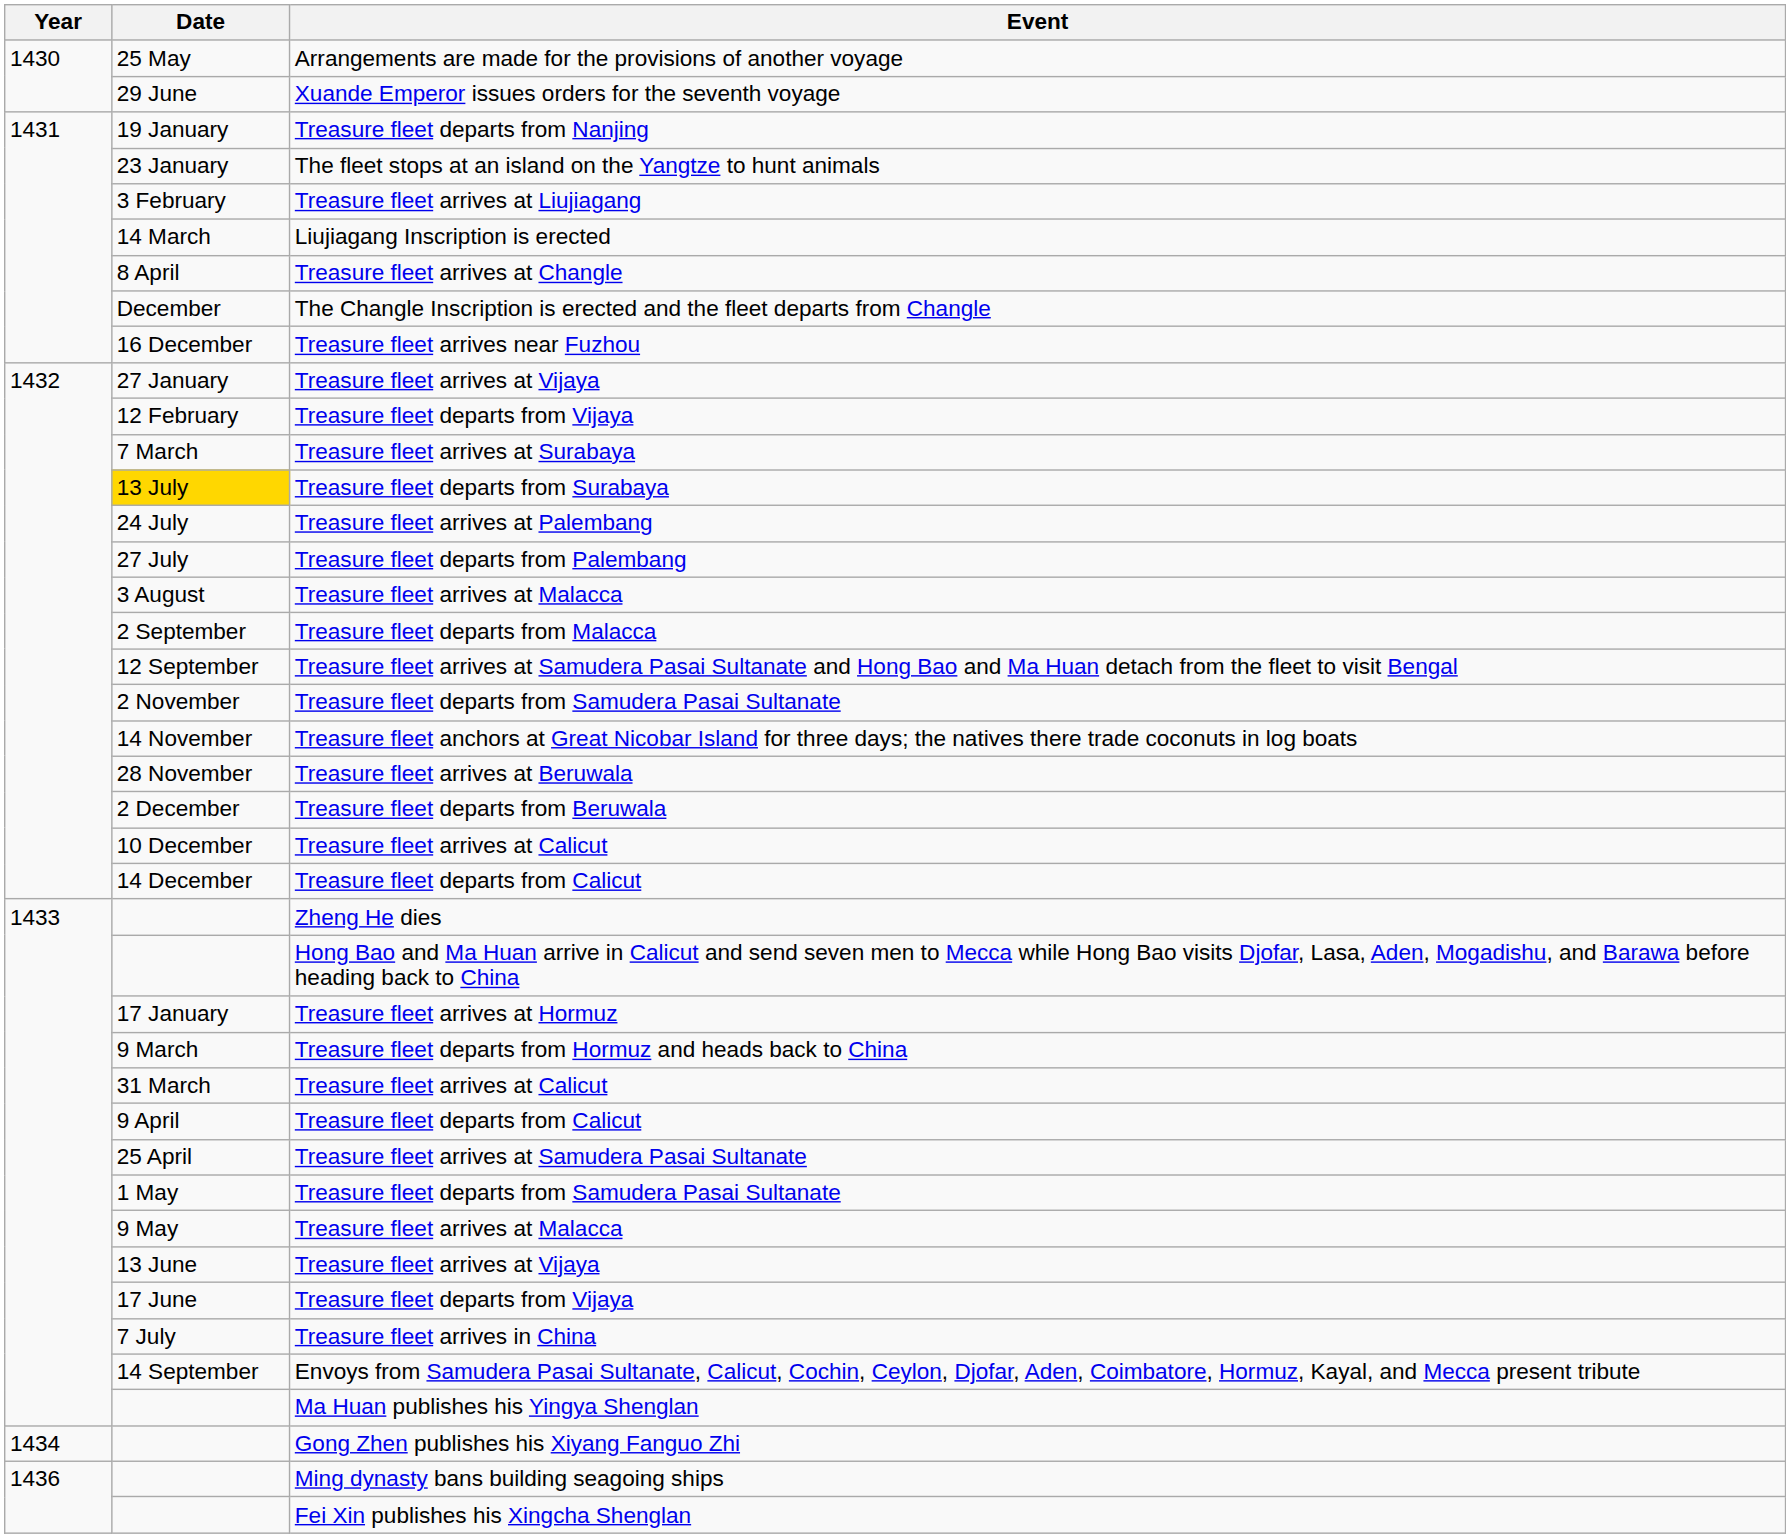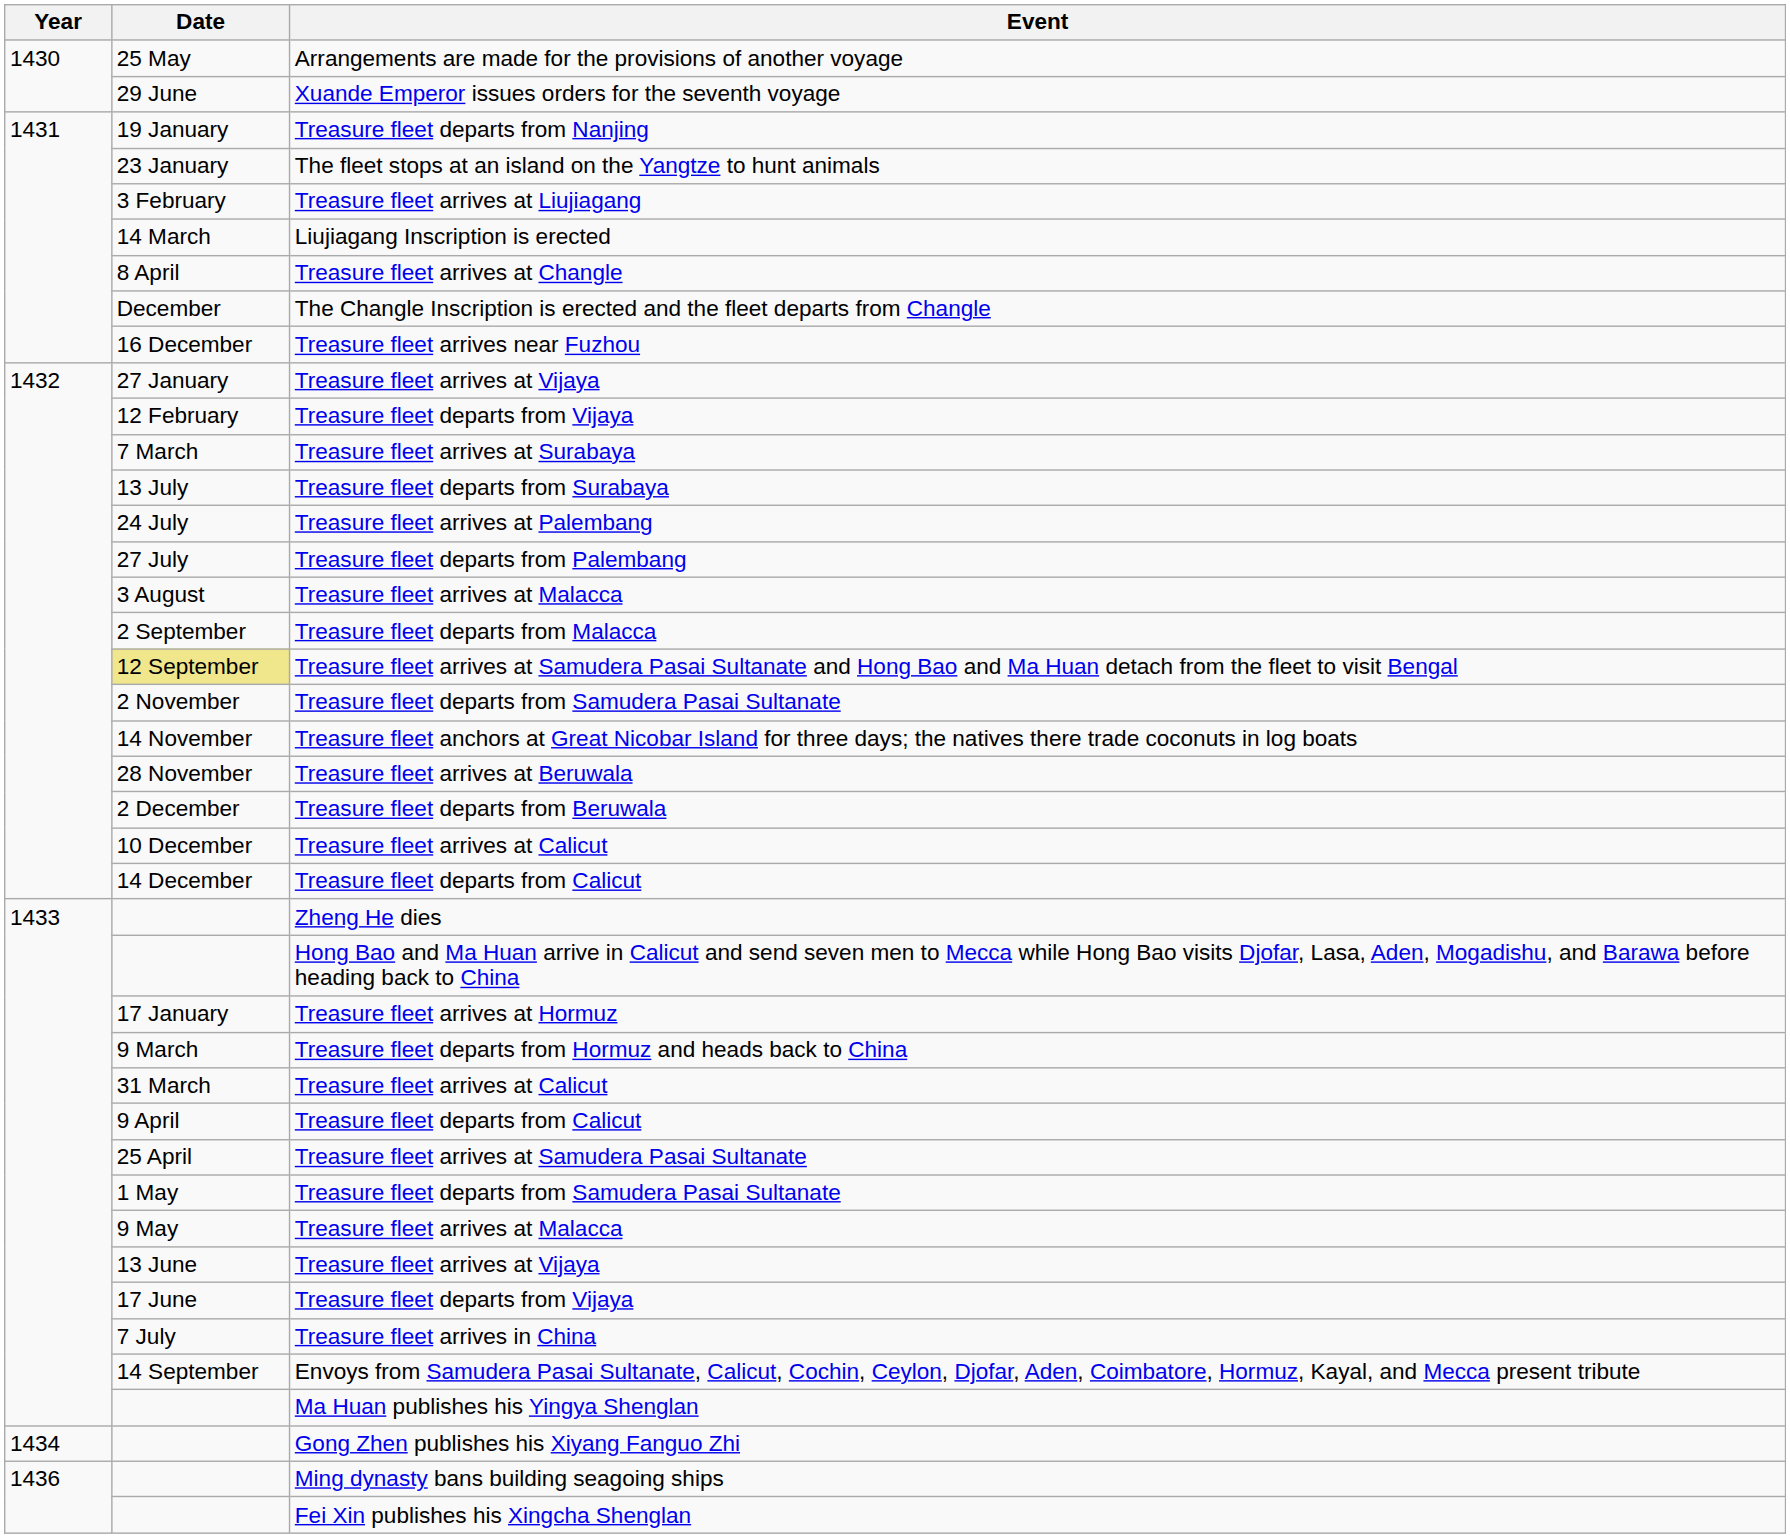 <table class="wikitable" width="100%">
 <tr>
 <th style="width:6%">Year</th>
 <th style="width:10%">Date</th>
 <th>Event</th>
 </tr>
 <tr>
 <td rowspan="2" valign="top">1430</td>
 <td>25 May</td>
 <td>Arrangements are made for the provisions of another voyage</td>
 </tr>
 <tr>
 <td>29 June</td>
 <td><a href='#'>Xuande Emperor</a> issues orders for the seventh voyage</td>
 </tr>
 <tr>
 <td rowspan="7" valign="top">1431</td>
 <td>19 January</td>
 <td><a href='#'>Treasure fleet</a> departs from <a href='#'>Nanjing</a></td>
 </tr>
 <tr>
 <td>23 January</td>
 <td>The fleet stops at an island on the <a href='#'>Yangtze</a> to hunt animals</td>
 </tr>
 <tr>
 <td>3 February</td>
 <td><a href='#'>Treasure fleet</a> arrives at <a href='#'>Liujiagang</a></td>
 </tr>
 <tr>
 <td>14 March</td>
 <td>Liujiagang Inscription is erected</td>
 </tr>
 <tr>
 <td>8 April</td>
 <td><a href='#'>Treasure fleet</a> arrives at <a href='#'>Changle</a></td>
 </tr>
 <tr>
 <td>December</td>
 <td>The Changle Inscription is erected and the fleet departs from <a href='#'>Changle</a></td>
 </tr>
 <tr>
 <td>16 December</td>
 <td><a href='#'>Treasure fleet</a> arrives near <a href='#'>Fuzhou</a></td>
 </tr>
 <tr>
 <td rowspan="15" valign="top">1432</td>
 <td>27 January</td>
 <td><a href='#'>Treasure fleet</a> arrives at <a href='#'>Vijaya</a></td>
 </tr>
 <tr>
 <td>12 February</td>
 <td><a href='#'>Treasure fleet</a> departs from <a href='#'>Vijaya</a></td>
 </tr>
 <tr>
 <td>7 March</td>
 <td><a href='#'>Treasure fleet</a> arrives at <a href='#'>Surabaya</a></td>
 </tr>
 <tr>
-<td style="background: gold;">13 July</td>
+<td>13 July</td>
 <td><a href='#'>Treasure fleet</a> departs from <a href='#'>Surabaya</a></td>
 </tr>
 <tr>
 <td>24 July</td>
 <td><a href='#'>Treasure fleet</a> arrives at <a href='#'>Palembang</a></td>
 </tr>
 <tr>
 <td>27 July</td>
 <td><a href='#'>Treasure fleet</a> departs from <a href='#'>Palembang</a></td>
 </tr>
 <tr>
 <td>3 August</td>
 <td><a href='#'>Treasure fleet</a> arrives at <a href='#'>Malacca</a></td>
 </tr>
 <tr>
 <td>2 September</td>
 <td><a href='#'>Treasure fleet</a> departs from <a href='#'>Malacca</a></td>
 </tr>
 <tr>
-<td>12 September</td>
+<td style="background: khaki;">12 September</td>
 <td><a href='#'>Treasure fleet</a> arrives at <a href='#'>Samudera Pasai Sultanate</a> and <a href='#'>Hong Bao</a> and <a href='#'>Ma Huan</a> detach from the fleet to visit <a href='#'>Bengal</a></td>
 </tr>
 <tr>
 <td>2 November</td>
 <td><a href='#'>Treasure fleet</a> departs from <a href='#'>Samudera Pasai Sultanate</a></td>
 </tr>
 <tr>
 <td>14 November</td>
 <td><a href='#'>Treasure fleet</a> anchors at <a href='#'>Great Nicobar Island</a> for three days; the natives there trade coconuts in log boats</td>
 </tr>
 <tr>
 <td>28 November</td>
 <td><a href='#'>Treasure fleet</a> arrives at <a href='#'>Beruwala</a></td>
 </tr>
 <tr>
 <td>2 December</td>
 <td><a href='#'>Treasure fleet</a> departs from <a href='#'>Beruwala</a></td>
 </tr>
 <tr>
 <td>10 December</td>
 <td><a href='#'>Treasure fleet</a> arrives at <a href='#'>Calicut</a></td>
 </tr>
 <tr>
 <td>14 December</td>
 <td><a href='#'>Treasure fleet</a> departs from <a href='#'>Calicut</a></td>
 </tr>
 <tr>
 <td rowspan="14" valign="top">1433</td>
 <td></td>
 <td><a href='#'>Zheng He</a> dies</td>
 </tr>
 <tr>
 <td></td>
 <td><a href='#'>Hong Bao</a> and <a href='#'>Ma Huan</a> arrive in <a href='#'>Calicut</a> and send seven men to <a href='#'>Mecca</a> while Hong Bao visits <a href='#'>Djofar</a>, Lasa, <a href='#'>Aden</a>, <a href='#'>Mogadishu</a>, and <a href='#'>Barawa</a> before heading back to <a href='#'>China</a></td>
 </tr>
 <tr>
 <td>17 January</td>
 <td><a href='#'>Treasure fleet</a> arrives at <a href='#'>Hormuz</a></td>
 </tr>
 <tr>
 <td>9 March</td>
 <td><a href='#'>Treasure fleet</a> departs from <a href='#'>Hormuz</a> and heads back to <a href='#'>China</a></td>
 </tr>
 <tr>
 <td>31 March</td>
 <td><a href='#'>Treasure fleet</a> arrives at <a href='#'>Calicut</a></td>
 </tr>
 <tr>
 <td>9 April</td>
 <td><a href='#'>Treasure fleet</a> departs from <a href='#'>Calicut</a></td>
 </tr>
 <tr>
 <td>25 April</td>
 <td><a href='#'>Treasure fleet</a> arrives at <a href='#'>Samudera Pasai Sultanate</a></td>
 </tr>
 <tr>
 <td>1 May</td>
 <td><a href='#'>Treasure fleet</a> departs from <a href='#'>Samudera Pasai Sultanate</a></td>
 </tr>
 <tr>
 <td>9 May</td>
 <td><a href='#'>Treasure fleet</a> arrives at <a href='#'>Malacca</a></td>
 </tr>
 <tr>
 <td>13 June</td>
 <td><a href='#'>Treasure fleet</a> arrives at <a href='#'>Vijaya</a></td>
 </tr>
 <tr>
 <td>17 June</td>
 <td><a href='#'>Treasure fleet</a> departs from <a href='#'>Vijaya</a></td>
 </tr>
 <tr>
 <td>7 July</td>
 <td><a href='#'>Treasure fleet</a> arrives in <a href='#'>China</a></td>
 </tr>
 <tr>
 <td>14 September</td>
 <td>Envoys from <a href='#'>Samudera Pasai Sultanate</a>, <a href='#'>Calicut</a>, <a href='#'>Cochin</a>, <a href='#'>Ceylon</a>, <a href='#'>Djofar</a>, <a href='#'>Aden</a>, <a href='#'>Coimbatore</a>, <a href='#'>Hormuz</a>, Kayal, and <a href='#'>Mecca</a> present tribute</td>
 </tr>
 <tr>
 <td></td>
 <td><a href='#'>Ma Huan</a> publishes his <a href='#'>Yingya Shenglan</a></td>
 </tr>
 <tr>
 <td>1434</td>
 <td></td>
 <td><a href='#'>Gong Zhen</a> publishes his <a href='#'>Xiyang Fanguo Zhi</a></td>
 </tr>
 <tr>
 <td rowspan="2" valign="top">1436</td>
 <td></td>
 <td><a href='#'>Ming dynasty</a> bans building seagoing ships</td>
 </tr>
 <tr>
 <td></td>
 <td><a href='#'>Fei Xin</a> publishes his <a href='#'>Xingcha Shenglan</a></td>
 </tr>
 </table>
